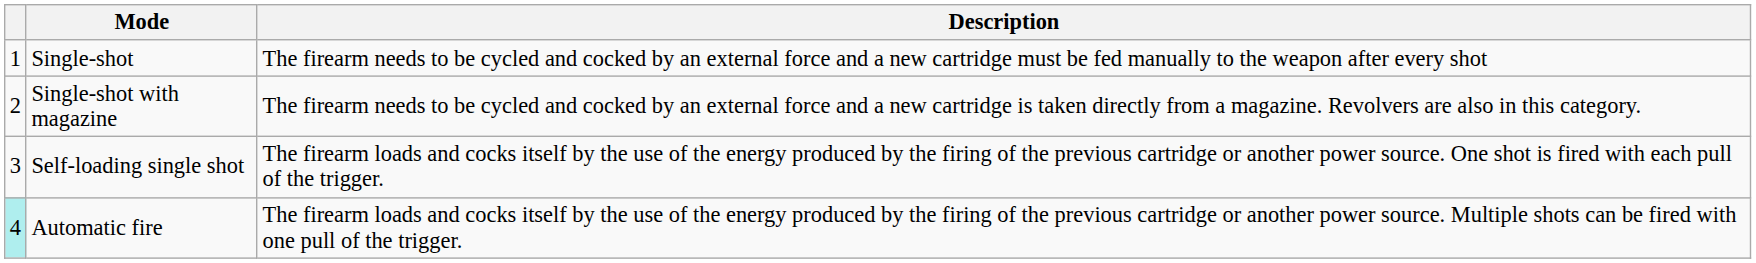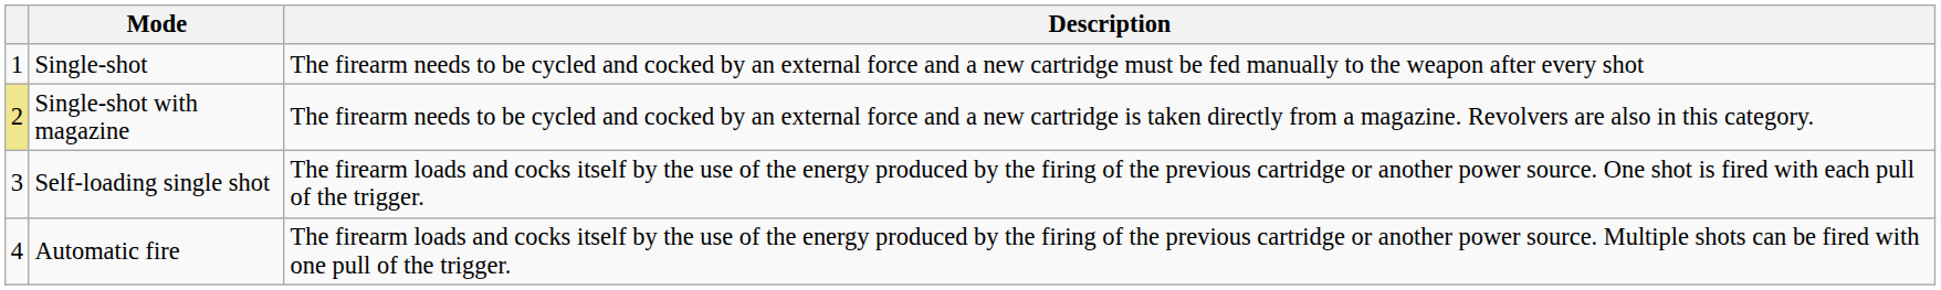 <table class="wikitable collapsible collapsed">
 <tr>
 <th></th>
 <th>Mode</th>
 <th>Description</th>
 </tr>
 <tr>
 <td>1</td>
 <td>Single-shot</td>
 <td>The firearm needs to be cycled and cocked by an external force and a new cartridge must be fed manually to the weapon after every shot</td>
 </tr>
 <tr>
-<td>2</td>
+<td style="background: khaki;">2</td>
 <td>Single-shot with magazine</td>
 <td>The firearm needs to be cycled and cocked by an external force and a new cartridge is taken directly from a magazine. Revolvers are also in this category.</td>
 </tr>
 <tr>
 <td>3</td>
 <td>Self-loading single shot</td>
 <td>The firearm loads and cocks itself by the use of the energy produced by the firing of the previous cartridge or another power source. One shot is fired with each pull of the trigger.</td>
 </tr>
 <tr>
-<td style="background: paleturquoise;">4</td>
+<td>4</td>
 <td>Automatic fire</td>
 <td>The firearm loads and cocks itself by the use of the energy produced by the firing of the previous cartridge or another power source. Multiple shots can be fired with one pull of the trigger.</td>
 </tr>
 </table>
